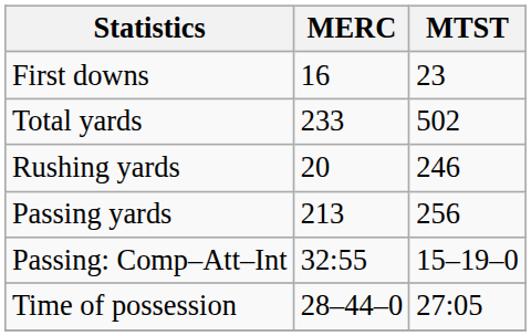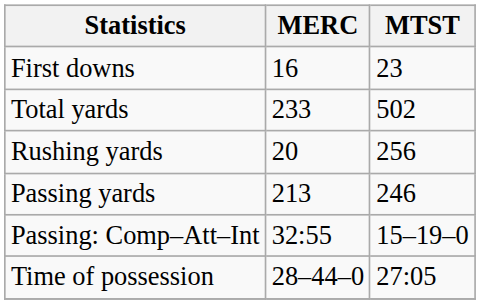 <table class="wikitable" style="float: left;">
 <tr>
 <th>Statistics</th>
 <th>MERC</th>
 <th>MTST</th>
 </tr>
 <tr>
 <td>First downs</td>
 <td>16</td>
 <td>23</td>
 </tr>
 <tr>
 <td>Total yards</td>
 <td>233</td>
 <td>502</td>
 </tr>
 <tr>
 <td>Rushing yards</td>
 <td>20</td>
-<td>246</td>
+<td>256</td>
 </tr>
 <tr>
 <td>Passing yards</td>
 <td>213</td>
-<td>256</td>
+<td>246</td>
 </tr>
 <tr>
 <td>Passing: Comp–Att–Int</td>
 <td>32:55</td>
 <td>15–19–0</td>
 </tr>
 <tr>
 <td>Time of possession</td>
 <td>28–44–0</td>
 <td>27:05</td>
 </tr>
 <tr>
 </tr>
 </table>
